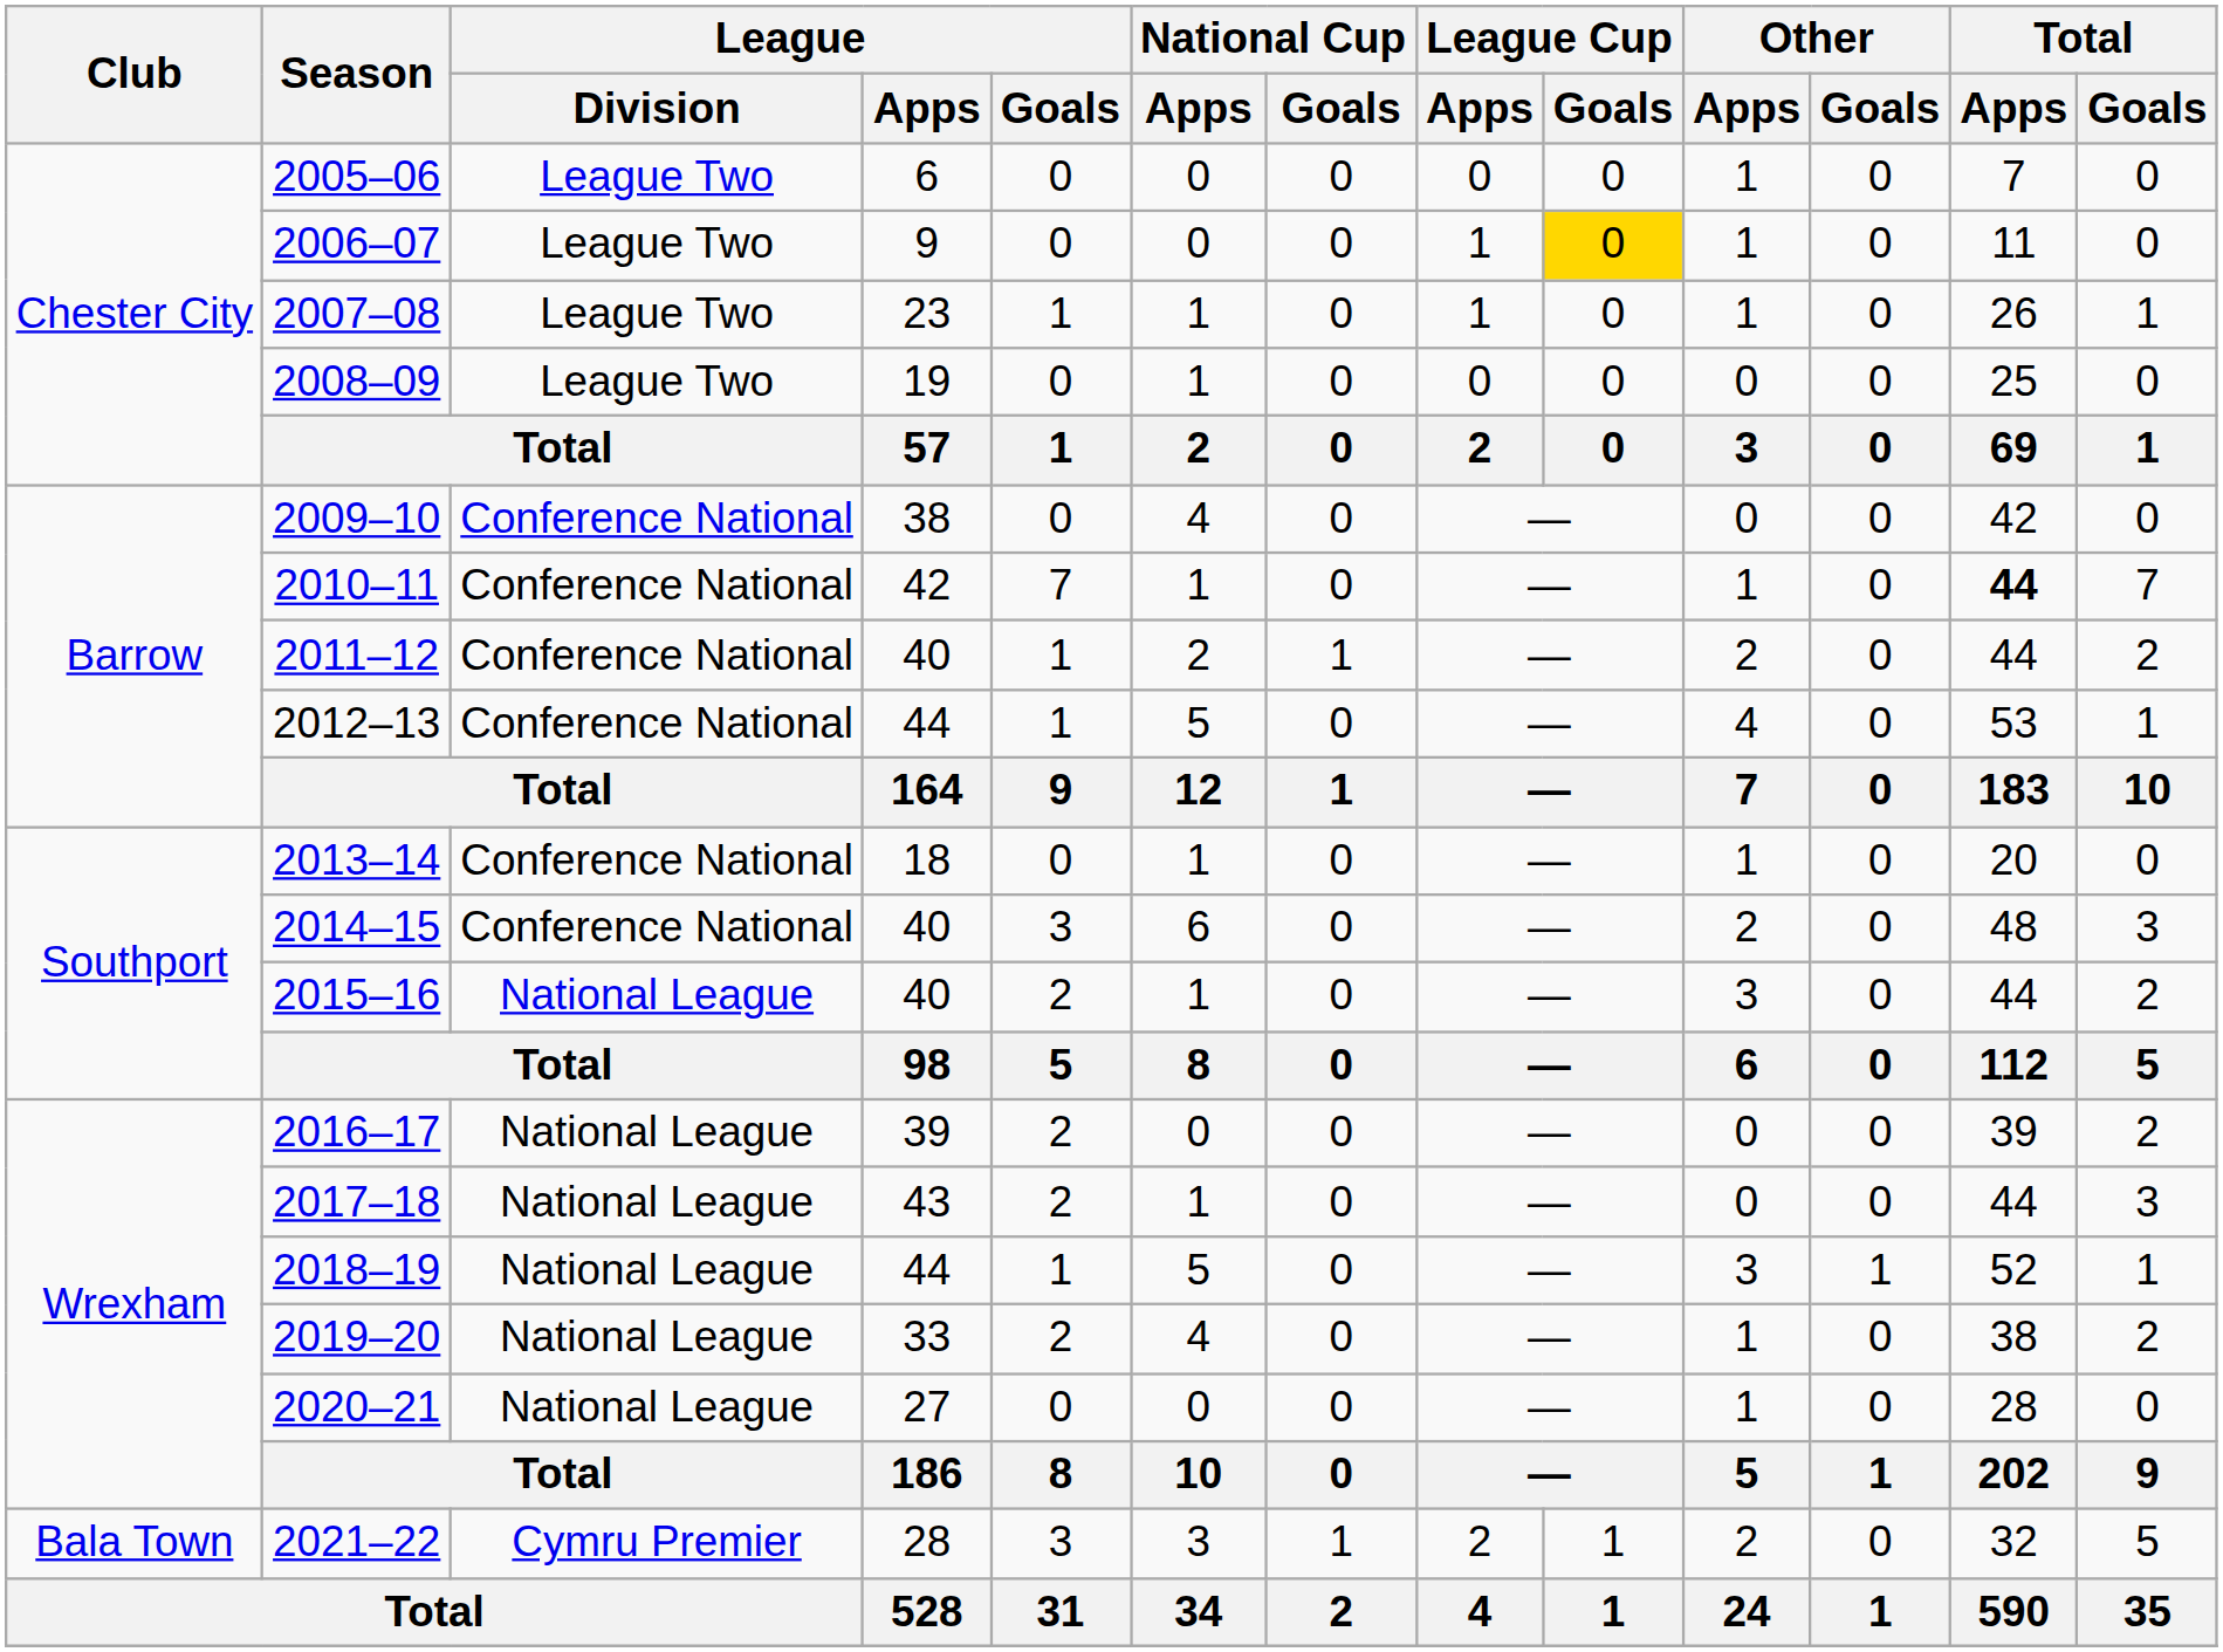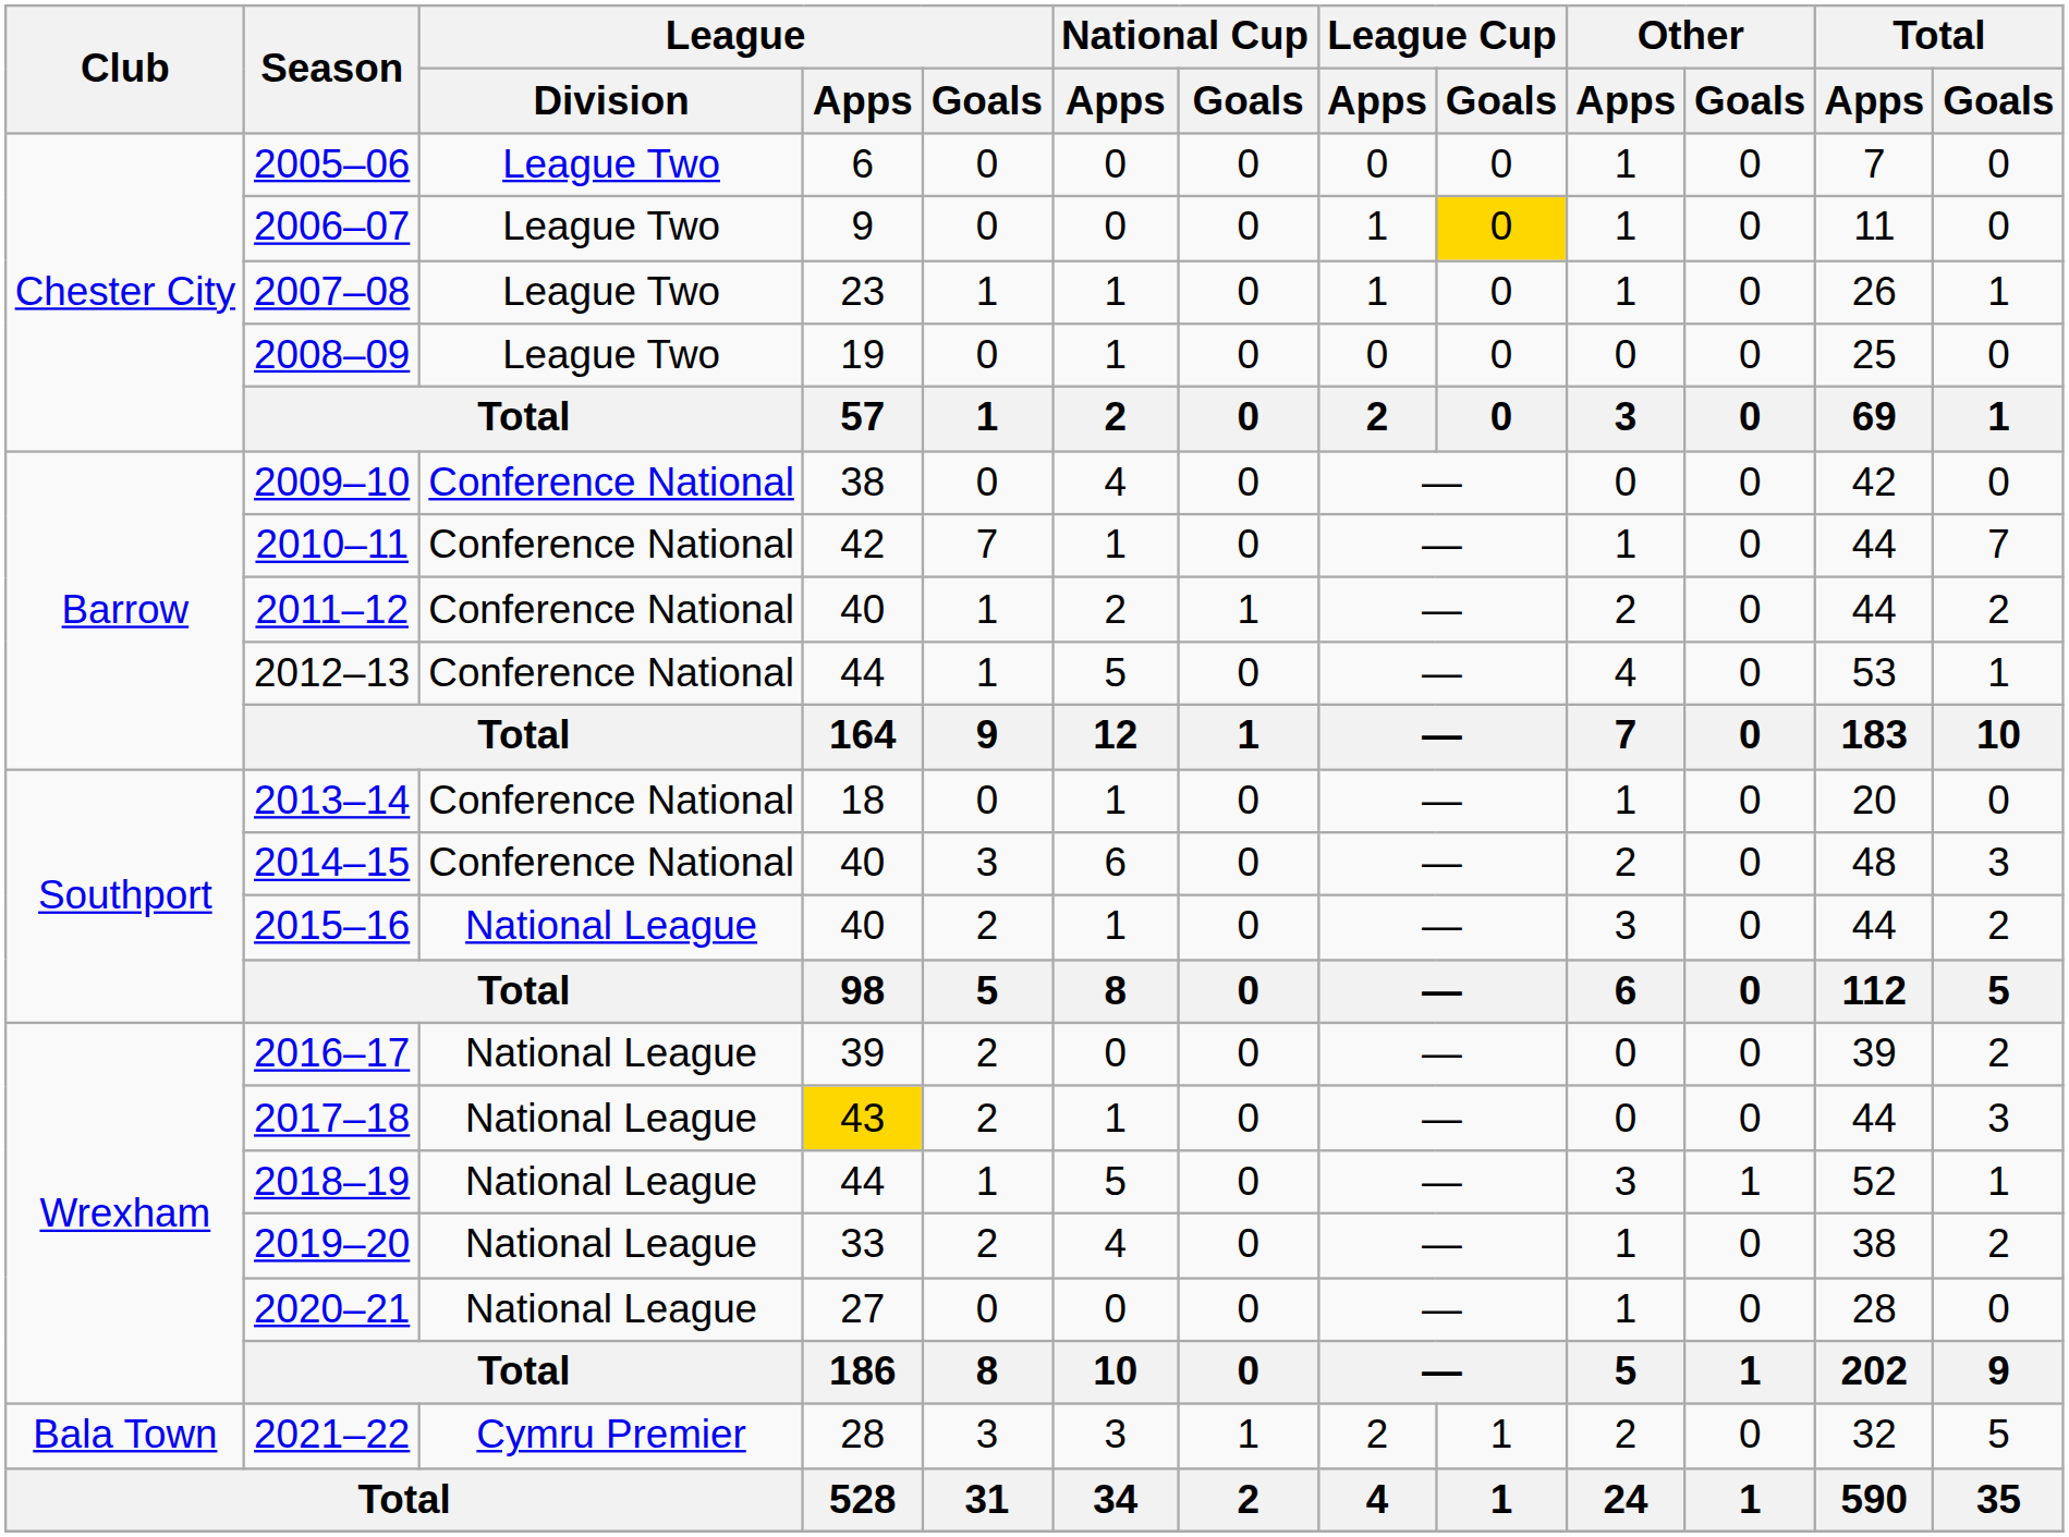 <table class="wikitable" style="text-align: center;">
 <tr>
 <th rowspan="2">Club</th>
 <th rowspan="2">Season</th>
 <th colspan="3">League</th>
 <th colspan="2">National Cup</th>
 <th colspan="2">League Cup</th>
 <th colspan="2">Other</th>
 <th colspan="2">Total</th>
 </tr>
 <tr>
 <th>Division</th>
 <th>Apps</th>
 <th>Goals</th>
 <th>Apps</th>
 <th>Goals</th>
 <th>Apps</th>
 <th>Goals</th>
 <th>Apps</th>
 <th>Goals</th>
 <th>Apps</th>
 <th>Goals</th>
 </tr>
 <tr>
 <td rowspan="5"><a href='#'>Chester City</a></td>
 <td><a href='#'>2005–06</a></td>
 <td><a href='#'>League Two</a></td>
 <td>6</td>
 <td>0</td>
 <td>0</td>
 <td>0</td>
 <td>0</td>
 <td>0</td>
 <td>1</td>
 <td>0</td>
 <td>7</td>
 <td>0</td>
 </tr>
 <tr>
 <td><a href='#'>2006–07</a></td>
 <td>League Two</td>
 <td>9</td>
 <td>0</td>
 <td>0</td>
 <td>0</td>
 <td>1</td>
 <td style="background: gold;">0</td>
 <td>1</td>
 <td>0</td>
 <td>11</td>
 <td>0</td>
 </tr>
 <tr>
 <td><a href='#'>2007–08</a></td>
 <td>League Two</td>
 <td>23</td>
 <td>1</td>
 <td>1</td>
 <td>0</td>
 <td>1</td>
 <td>0</td>
 <td>1</td>
 <td>0</td>
 <td>26</td>
 <td>1</td>
 </tr>
 <tr>
 <td><a href='#'>2008–09</a></td>
 <td>League Two</td>
 <td>19</td>
 <td>0</td>
 <td>1</td>
 <td>0</td>
 <td>0</td>
 <td>0</td>
 <td>0</td>
 <td>0</td>
 <td>25</td>
 <td>0</td>
 </tr>
 <tr>
 <th colspan="2">Total</th>
 <th>57</th>
 <th>1</th>
 <th>2</th>
 <th>0</th>
 <th>2</th>
 <th>0</th>
 <th>3</th>
 <th>0</th>
 <th>69</th>
 <th>1</th>
 </tr>
 <tr>
 <td rowspan="5"><a href='#'>Barrow</a></td>
 <td><a href='#'>2009–10</a></td>
 <td><a href='#'>Conference National</a></td>
 <td>38</td>
 <td>0</td>
 <td>4</td>
 <td>0</td>
 <td colspan=2>—</td>
 <td>0</td>
 <td>0</td>
 <td>42</td>
 <td>0</td>
 </tr>
 <tr>
 <td><a href='#'>2010–11</a></td>
 <td>Conference National</td>
 <td>42</td>
 <td>7</td>
 <td>1</td>
 <td>0</td>
 <td colspan=2>—</td>
 <td>1</td>
 <td>0</td>
-<td><strong>44</strong></td>
+<td>44</td>
 <td>7</td>
 </tr>
 <tr>
 <td><a href='#'>2011–12</a></td>
 <td>Conference National</td>
 <td>40</td>
 <td>1</td>
 <td>2</td>
 <td>1</td>
 <td colspan=2>—</td>
 <td>2</td>
 <td>0</td>
 <td>44</td>
 <td>2</td>
 </tr>
 <tr>
 <td>2012–13</td>
 <td>Conference National</td>
 <td>44</td>
 <td>1</td>
 <td>5</td>
 <td>0</td>
 <td colspan=2>—</td>
 <td>4</td>
 <td>0</td>
 <td>53</td>
 <td>1</td>
 </tr>
 <tr>
 <th colspan="2">Total</th>
 <th>164</th>
 <th>9</th>
 <th>12</th>
 <th>1</th>
 <th colspan=2>—</th>
 <th>7</th>
 <th>0</th>
 <th>183</th>
 <th>10</th>
 </tr>
 <tr>
 <td rowspan="4"><a href='#'>Southport</a></td>
 <td><a href='#'>2013–14</a></td>
 <td>Conference National</td>
 <td>18</td>
 <td>0</td>
 <td>1</td>
 <td>0</td>
 <td colspan=2>—</td>
 <td>1</td>
 <td>0</td>
 <td>20</td>
 <td>0</td>
 </tr>
 <tr>
 <td><a href='#'>2014–15</a></td>
 <td>Conference National</td>
 <td>40</td>
 <td>3</td>
 <td>6</td>
 <td>0</td>
 <td colspan=2>—</td>
 <td>2</td>
 <td>0</td>
 <td>48</td>
 <td>3</td>
 </tr>
 <tr>
 <td><a href='#'>2015–16</a></td>
 <td><a href='#'>National League</a></td>
 <td>40</td>
 <td>2</td>
 <td>1</td>
 <td>0</td>
 <td colspan=2>—</td>
 <td>3</td>
 <td>0</td>
 <td>44</td>
 <td>2</td>
 </tr>
 <tr>
 <th colspan="2">Total</th>
 <th>98</th>
 <th>5</th>
 <th>8</th>
 <th>0</th>
 <th colspan=2>—</th>
 <th>6</th>
 <th>0</th>
 <th>112</th>
 <th>5</th>
 </tr>
 <tr>
 <td rowspan="6"><a href='#'>Wrexham</a></td>
 <td><a href='#'>2016–17</a></td>
 <td>National League</td>
 <td>39</td>
 <td>2</td>
 <td>0</td>
 <td>0</td>
 <td colspan=2>—</td>
 <td>0</td>
 <td>0</td>
 <td>39</td>
 <td>2</td>
 </tr>
 <tr>
 <td><a href='#'>2017–18</a></td>
 <td>National League</td>
-<td>43</td>
+<td style="background: gold;">43</td>
 <td>2</td>
 <td>1</td>
 <td>0</td>
 <td colspan=2>—</td>
 <td>0</td>
 <td>0</td>
 <td>44</td>
 <td>3</td>
 </tr>
 <tr>
 <td><a href='#'>2018–19</a></td>
 <td>National League</td>
 <td>44</td>
 <td>1</td>
 <td>5</td>
 <td>0</td>
 <td colspan=2>—</td>
 <td>3</td>
 <td>1</td>
 <td>52</td>
 <td>1</td>
 </tr>
 <tr>
 <td><a href='#'>2019–20</a></td>
 <td>National League</td>
 <td>33</td>
 <td>2</td>
 <td>4</td>
 <td>0</td>
 <td colspan=2>—</td>
 <td>1</td>
 <td>0</td>
 <td>38</td>
 <td>2</td>
 </tr>
 <tr>
 <td><a href='#'>2020–21</a></td>
 <td>National League</td>
 <td>27</td>
 <td>0</td>
 <td>0</td>
 <td>0</td>
 <td colspan=2>—</td>
 <td>1</td>
 <td>0</td>
 <td>28</td>
 <td>0</td>
 </tr>
 <tr>
 <th colspan="2">Total</th>
 <th>186</th>
 <th>8</th>
 <th>10</th>
 <th>0</th>
 <th colspan="2">—</th>
 <th>5</th>
 <th>1</th>
 <th>202</th>
 <th>9</th>
 </tr>
 <tr>
 <td><a href='#'>Bala Town</a></td>
 <td><a href='#'>2021–22</a></td>
 <td><a href='#'>Cymru Premier</a></td>
 <td>28</td>
 <td>3</td>
 <td>3</td>
 <td>1</td>
 <td>2</td>
 <td>1</td>
 <td>2</td>
 <td>0</td>
 <td>32</td>
 <td>5</td>
 </tr>
 <tr>
 <th colspan="3">Total</th>
 <th>528</th>
 <th>31</th>
 <th>34</th>
 <th>2</th>
 <th>4</th>
 <th>1</th>
 <th>24</th>
 <th>1</th>
 <th>590</th>
 <th>35</th>
 </tr>
 <tr>
 </tr>
 </table>
